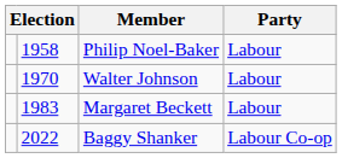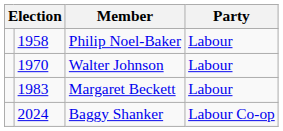 <table class="wikitable">
 <tr>
 <th colspan="2">Election</th>
 <th>Member</th>
 <th>Party</th>
 </tr>
 <tr>
 <td style="color:inherit;background-color: "></td>
 <td><a href='#'>1958</a></td>
 <td><a href='#'>Philip Noel-Baker</a></td>
 <td><a href='#'>Labour</a></td>
 </tr>
 <tr>
 <td style="color:inherit;background-color: "></td>
 <td><a href='#'>1970</a></td>
 <td><a href='#'>Walter Johnson</a></td>
 <td><a href='#'>Labour</a></td>
 </tr>
 <tr>
 <td style="color:inherit;background-color: "></td>
 <td><a href='#'>1983</a></td>
 <td><a href='#'>Margaret Beckett</a></td>
 <td><a href='#'>Labour</a></td>
 </tr>
 <tr>
 <td style="color:inherit;background-color: "></td>
-<td><a href='#'>2022</a></td>
+<td><a href='#'>2024</a></td>
 <td><a href='#'>Baggy Shanker</a></td>
 <td><a href='#'>Labour Co-op</a></td>
 </tr>
 </table>
